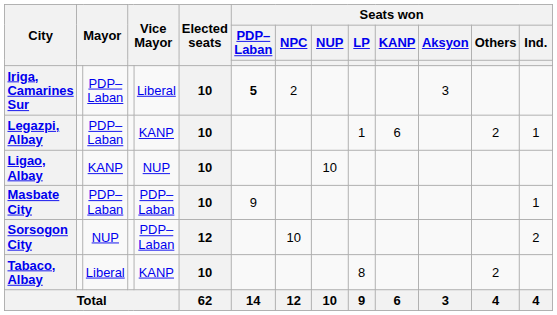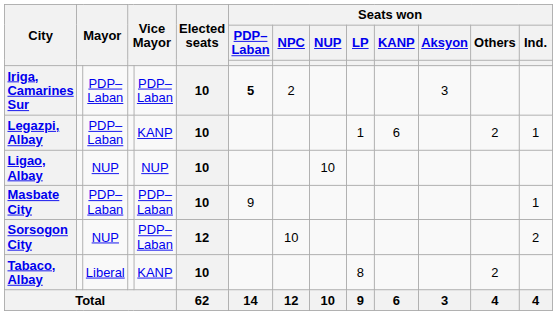 <table class="wikitable" style="text-align:center; font-size: 0.9em;">
 <tr>
 <th rowspan="3">City</th>
 <th colspan="2" rowspan="3" style="width:60px;">Mayor</th>
 <th colspan="2" rowspan="3" style="width:60px;">Vice Mayor</th>
 <th rowspan="3">Elected<br>seats</th>
 <th colspan="8">Seats won</th>
 </tr>
 <tr>
 <th class="unsortable" style="width:45px;"><a href='#'>PDP–Laban</a></th>
 <th class="unsortable" style="width:45px;"><a href='#'>NPC</a></th>
 <th class="unsortable" style="width:45px;"><a href='#'>NUP</a></th>
 <th class="unsortable" style="width:45px;"><a href='#'>LP</a></th>
 <th class="unsortable" style="width:45px;"><a href='#'>KANP</a></th>
 <th class="unsortable" style="width:45px;"><a href='#'>Aksyon</a></th>
 <th class="unsortable" style="width:45px;">Others</th>
 <th class="unsortable" style="width:45px;">Ind.</th>
 </tr>
 <tr>
 <th style="color:inherit;background:"></th>
 <th style="color:inherit;background:"></th>
 <th style="color:inherit;background:"></th>
 <th style="color:inherit;background:"></th>
 <th style="color:inherit;background:"></th>
 <th style="color:inherit;background:"></th>
 <th></th>
 <th style="color:inherit;background:"></th>
 </tr>
 <tr>
 <th style="text-align: left;"><a href='#'>Iriga, Camarines Sur</a></th>
 <td style="color:inherit;background:"></td>
 <td><a href='#'>PDP–Laban</a></td>
 <td style="color:inherit;background:"></td>
-<td><a href='#'>Liberal</a></td>
+<td><a href='#'>PDP–Laban</a></td>
 <th>10</th>
 <td><strong>5</strong></td>
 <td>2</td>
 <td></td>
 <td></td>
 <td></td>
 <td>3</td>
 <td></td>
 <td></td>
 </tr>
 <tr>
 <th style="text-align: left;"><a href='#'>Legazpi, Albay</a></th>
 <td style="color:inherit;background:"></td>
 <td><a href='#'>PDP–Laban</a></td>
 <td style="color:inherit;background:"></td>
 <td><a href='#'>KANP</a></td>
 <th>10</th>
 <td></td>
 <td></td>
 <td></td>
 <td>1</td>
 <td>6</td>
 <td></td>
 <td>2<em></em></td>
 <td>1</td>
 </tr>
 <tr>
 <th style="text-align: left;"><a href='#'>Ligao, Albay</a></th>
 <td style="color:inherit;background:"></td>
-<td><a href='#'>KANP</a></td>
+<td><a href='#'>NUP</a></td>
 <td style="color:inherit;background:"></td>
 <td><a href='#'>NUP</a></td>
 <th>10</th>
 <td></td>
 <td></td>
 <td>10</td>
 <td></td>
 <td></td>
 <td></td>
 <td></td>
 <td></td>
 </tr>
 <tr>
 <th style="text-align: left;"><a href='#'>Masbate City</a></th>
 <td style="color:inherit;background:"></td>
 <td><a href='#'>PDP–Laban</a></td>
 <td style="color:inherit;background:"></td>
 <td><a href='#'>PDP–Laban</a></td>
 <th>10</th>
 <td>9</td>
 <td></td>
 <td></td>
 <td></td>
 <td></td>
 <td></td>
 <td></td>
 <td>1</td>
 </tr>
 <tr>
 <th style="text-align: left;"><a href='#'>Sorsogon City</a></th>
 <td style="color:inherit;background:"></td>
 <td><a href='#'>NUP</a></td>
 <td style="color:inherit;background:"></td>
 <td><a href='#'>PDP–Laban</a></td>
 <th>12</th>
 <td></td>
 <td>10</td>
 <td></td>
 <td></td>
 <td></td>
 <td></td>
 <td></td>
 <td>2</td>
 </tr>
 <tr>
 <th style="text-align: left;"><a href='#'>Tabaco, Albay</a></th>
 <td style="color:inherit;background:"></td>
 <td><a href='#'>Liberal</a></td>
 <td style="color:inherit;background:"></td>
 <td><a href='#'>KANP</a></td>
 <th>10</th>
 <td></td>
 <td></td>
 <td></td>
 <td>8</td>
 <td></td>
 <td></td>
 <td>2 <em></em></td>
 <td></td>
 </tr>
 <tr>
 <th colspan="5">Total</th>
 <th>62</th>
 <th>14</th>
 <th>12</th>
 <th>10</th>
 <th>9</th>
 <th>6</th>
 <th>3</th>
 <th>4</th>
 <th>4</th>
 </tr>
 </table>
